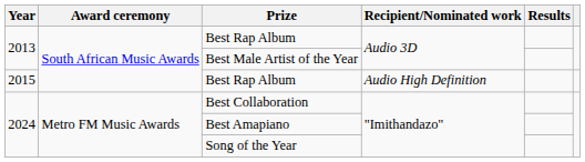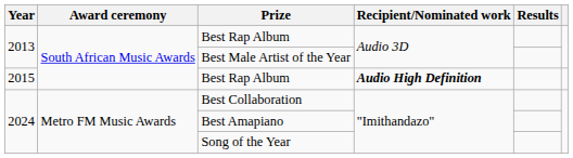 <table class="wikitable">
 <tr>
 <th>Year</th>
 <th>Award ceremony</th>
 <th>Prize</th>
 <th>Recipient/Nominated work</th>
 <th>Results</th>
 <th></th>
 </tr>
 <tr>
 <td rowspan="2">2013</td>
 <td rowspan="3"><a href='#'>South African Music Awards</a></td>
 <td>Best Rap Album</td>
 <td rowspan="2"><em>Audio 3D</em></td>
 <td></td>
 <td rowspan="2"></td>
 </tr>
 <tr>
 <td>Best Male Artist of the Year</td>
 <td></td>
 </tr>
 <tr>
 <td>2015</td>
 <td>Best Rap Album</td>
-<td><em>Audio High Definition</em></td>
+<td><strong><em>Audio High Definition</em></strong></td>
 <td></td>
 <td></td>
 </tr>
 <tr>
 <td rowspan=3>2024</td>
 <td rowspan=3>Metro FM Music Awards</td>
 <td>Best Collaboration</td>
 <td rowspan=3>"Imithandazo"</td>
 <td></td>
 <td rowspan=3></td>
 </tr>
 <tr>
 <td>Best Amapiano</td>
 <td></td>
 </tr>
 <tr>
 <td>Song of the Year</td>
 <td></td>
 </tr>
 </table>
